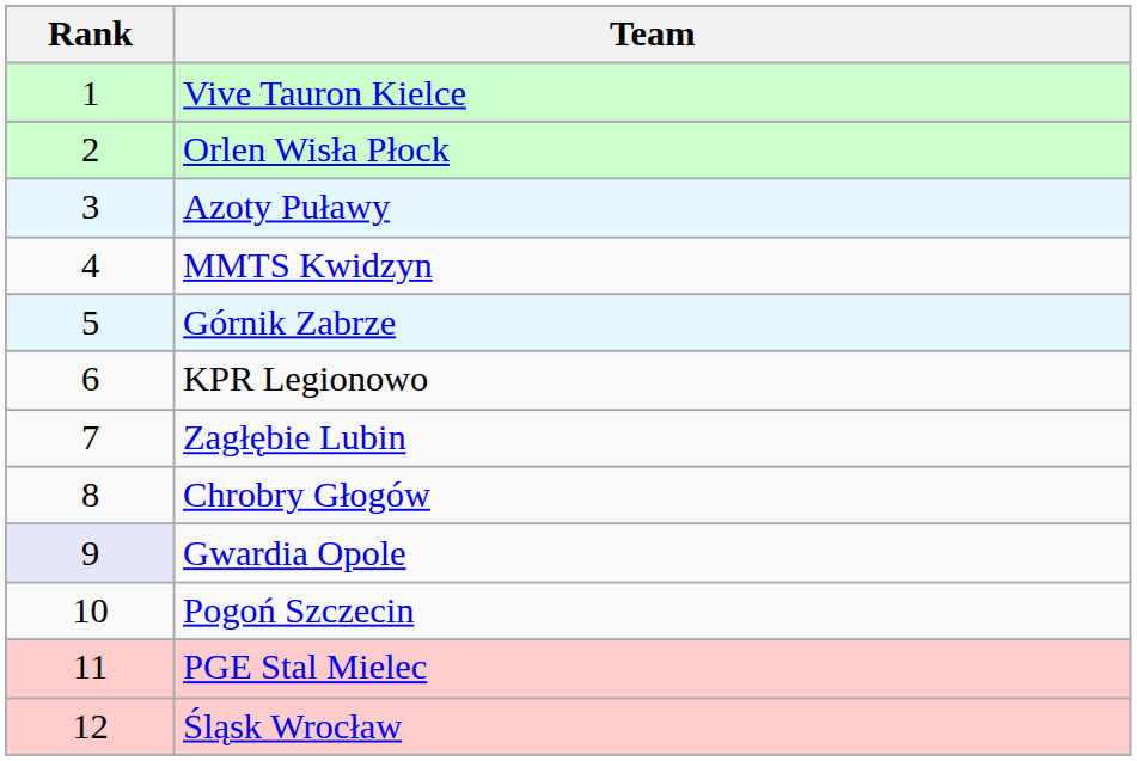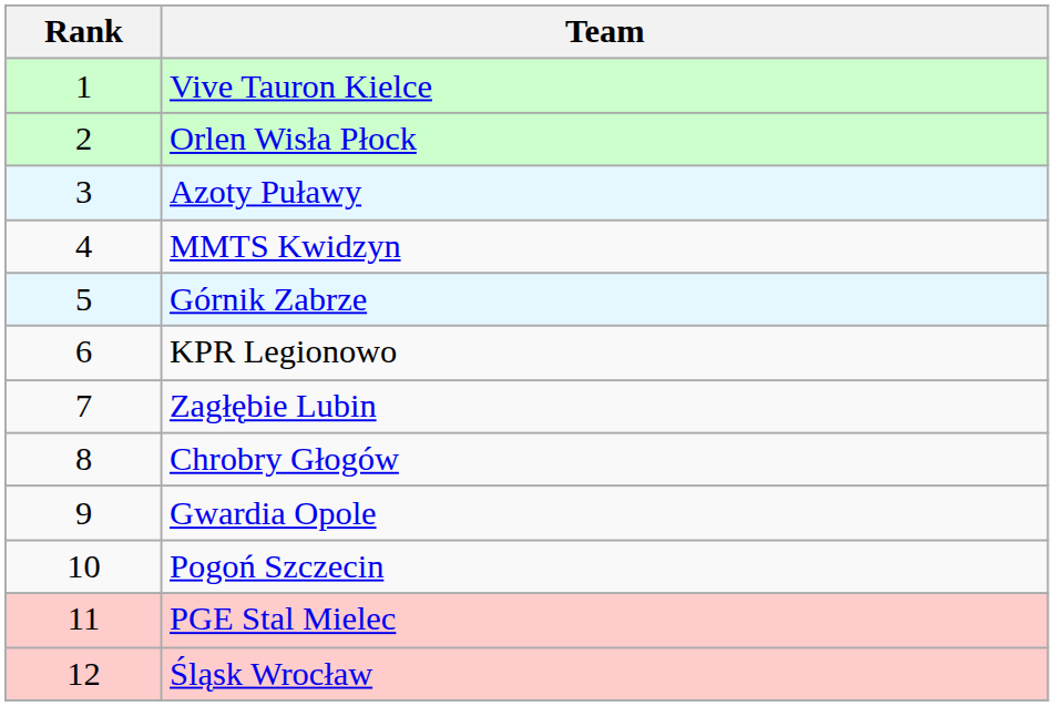 <table class="wikitable" style="white-space: nowrap; width:25%">
 <tr>
 <th width=15%>Rank</th>
 <th>Team</th>
 </tr>
 <tr bgcolor=#CCFFCC>
 <td style="text-align:center;">1</td>
 <td><a href='#'>Vive Tauron Kielce</a></td>
 </tr>
 <tr bgcolor=#CCFFCC>
 <td style="text-align:center;">2</td>
 <td><a href='#'>Orlen Wisła Płock</a></td>
 </tr>
 <tr bgcolor=#E6F8FF>
 <td style="text-align:center;">3</td>
 <td><a href='#'>Azoty Puławy</a></td>
 </tr>
 <tr>
 <td style="text-align:center;">4</td>
 <td><a href='#'>MMTS Kwidzyn</a></td>
 </tr>
 <tr bgcolor=#E6F8FF>
 <td style="text-align:center;">5</td>
 <td><a href='#'>Górnik Zabrze</a></td>
 </tr>
 <tr>
 <td style="text-align:center;">6</td>
 <td>KPR Legionowo</td>
 </tr>
 <tr>
 <td style="text-align:center;">7</td>
 <td><a href='#'>Zagłębie Lubin</a></td>
 </tr>
 <tr>
 <td style="text-align:center;">8</td>
 <td><a href='#'>Chrobry Głogów</a></td>
 </tr>
 <tr>
-<td style="background: lavender; text-align:center;">9</td>
+<td style="text-align:center;">9</td>
 <td><a href='#'>Gwardia Opole</a></td>
 </tr>
 <tr>
 <td style="text-align:center;">10</td>
 <td><a href='#'>Pogoń Szczecin</a></td>
 </tr>
 <tr bgcolor=#FFCCCC>
 <td style="text-align:center;">11</td>
 <td><a href='#'>PGE Stal Mielec</a></td>
 </tr>
 <tr bgcolor=#FFCCCC>
 <td style="text-align:center;">12</td>
 <td><a href='#'>Śląsk Wrocław</a></td>
 </tr>
 </table>
